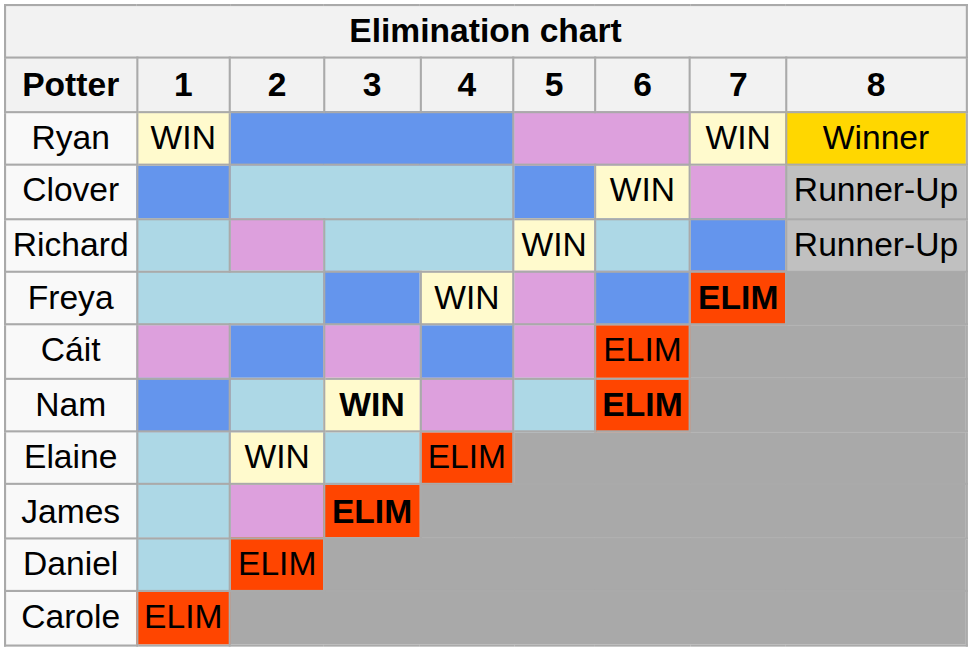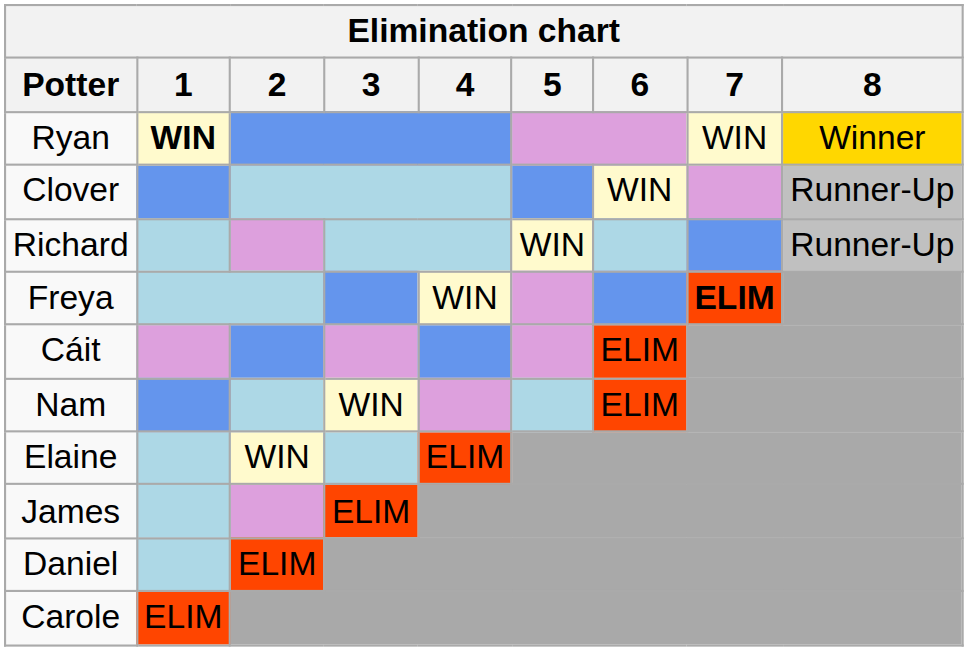 <table class="wikitable" style="text-align:center">
 <tr>
 <th colspan="9">Elimination chart</th>
 </tr>
 <tr>
 <th>Potter</th>
 <th>1</th>
 <th>2</th>
 <th>3</th>
 <th>4</th>
 <th>5</th>
 <th>6</th>
 <th>7</th>
 <th>8</th>
 </tr>
 <tr>
 <td>Ryan</td>
-<td style="background:LemonChiffon;">WIN</td>
+<td style="background:LemonChiffon;"><strong>WIN</strong></td>
 <td colspan="3" style="background:Cornflowerblue;"></td>
 <td colspan="2" style="background:Plum;"></td>
 <td style="background:LemonChiffon;">WIN</td>
 <td style="background:gold;">Winner</td>
 </tr>
 <tr>
 <td>Clover</td>
 <td style="background:Cornflowerblue;"></td>
 <td colspan="3" style="background:Lightblue;"></td>
 <td style="background:Cornflowerblue;"></td>
 <td style="background:LemonChiffon;">WIN</td>
 <td style="background:Plum;"></td>
 <td style="background:silver;">Runner-Up</td>
 </tr>
 <tr>
 <td>Richard</td>
 <td style="background:Lightblue;"></td>
 <td style="background:Plum;"></td>
 <td colspan="2" style="background:Lightblue;"></td>
 <td style="background:LemonChiffon;">WIN</td>
 <td style="background:Lightblue;"></td>
 <td style="background:Cornflowerblue;"></td>
 <td style="background:silver;">Runner-Up</td>
 </tr>
 <tr>
 <td>Freya</td>
 <td colspan="2" style="background:Lightblue;"></td>
 <td style="background:Cornflowerblue;"></td>
 <td style="background:LemonChiffon;">WIN</td>
 <td style="background:Plum;"></td>
 <td style="background:Cornflowerblue;"></td>
 <td style="background:OrangeRed;"><strong>ELIM</strong></td>
 <td colspan="5" style="background:darkgrey;"></td>
 </tr>
 <tr>
 <td>Cáit</td>
 <td style="background:Plum;"></td>
 <td style="background:Cornflowerblue;"></td>
 <td style="background:Plum;"></td>
 <td style="background:Cornflowerblue;"></td>
 <td style="background:Plum;"></td>
 <td style="background:OrangeRed;">ELIM</td>
 <td colspan="5" style="background:darkgrey;"></td>
 </tr>
 <tr>
 <td>Nam</td>
 <td style="background:Cornflowerblue;"></td>
 <td style="background:Lightblue;"></td>
-<td style="background:LemonChiffon;"><strong>WIN</strong></td>
+<td style="background:LemonChiffon;">WIN</td>
 <td style="background:Plum;"></td>
 <td style="background:Lightblue;"></td>
-<td style="background:OrangeRed;"><strong>ELIM</strong></td>
+<td style="background:OrangeRed;">ELIM</td>
 <td colspan="5" style="background:darkgrey;"></td>
 </tr>
 <tr>
 <td>Elaine</td>
 <td style="background:Lightblue;"></td>
 <td style="background:LemonChiffon;">WIN</td>
 <td style="background:Lightblue;"></td>
 <td style="background:OrangeRed;">ELIM</td>
 <td colspan="5" style="background:darkgrey;"></td>
 </tr>
 <tr>
 <td>James</td>
 <td style="background:Lightblue;"></td>
 <td style="background:Plum;"></td>
-<td style="background:OrangeRed;"><strong>ELIM</strong></td>
+<td style="background:OrangeRed;">ELIM</td>
 <td colspan="5" style="background:darkgrey;"></td>
 </tr>
 <tr>
 <td>Daniel</td>
 <td style="background:Lightblue;"></td>
 <td style="background:OrangeRed;">ELIM</td>
 <td colspan="7" style="background:darkgrey;"></td>
 </tr>
 <tr>
 <td>Carole</td>
 <td style="background:OrangeRed;">ELIM</td>
 <td colspan="7" style="background:darkgrey;"></td>
 </tr>
 </table>
